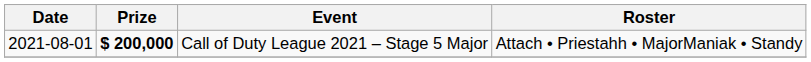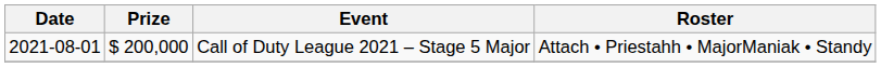 <table class="wikitable sortable">
 <tr>
 <th>Date</th>
 <th>Prize</th>
 <th>Event</th>
 <th>Roster</th>
 </tr>
 <tr>
 <td>2021-08-01</td>
-<td><strong>$ 200,000</strong></td>
+<td>$ 200,000</td>
 <td>Call of Duty League 2021 – Stage 5 Major</td>
 <td>Attach •  Priestahh •  MajorManiak •  Standy</td>
 </tr>
 <tr>
 </tr>
 </table>
